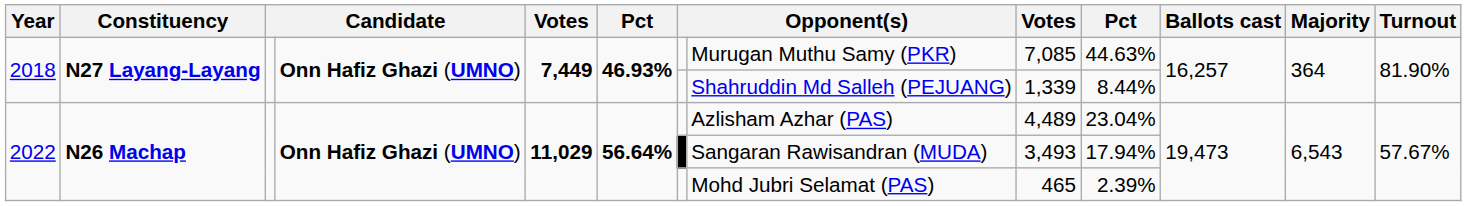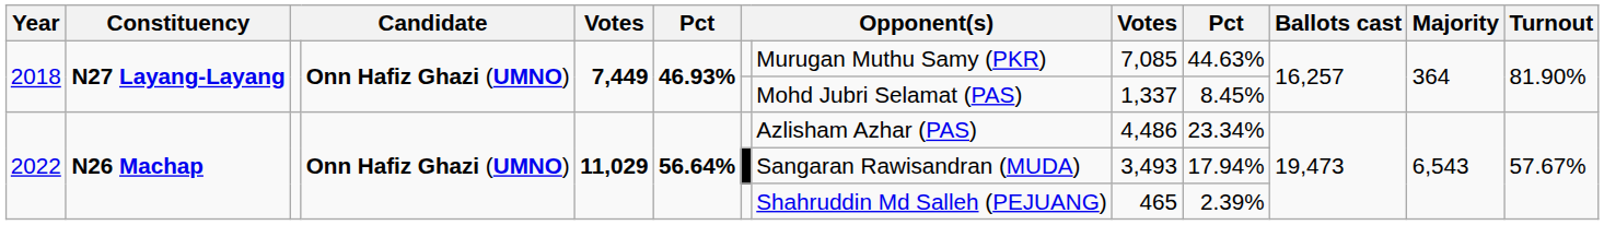 <table class="wikitable" style="margin:0.5em ; font-size:95%">
 <tr>
 <th>Year</th>
 <th>Constituency</th>
 <th colspan=2>Candidate</th>
 <th>Votes</th>
 <th>Pct</th>
 <th colspan=2>Opponent(s)</th>
 <th>Votes</th>
 <th>Pct</th>
 <th>Ballots cast</th>
 <th>Majority</th>
 <th>Turnout</th>
 </tr>
 <tr>
 <td rowspan=2><a href='#'>2018</a></td>
 <td rowspan=2><strong>N27 <a href='#'>Layang-Layang</a></strong></td>
 <td rowspan=2 ></td>
 <td rowspan=2><strong>Onn Hafiz Ghazi</strong> (<a href='#'><strong>UMNO</strong></a>)</td>
 <td rowspan=2 align="right"><strong>7,449</strong></td>
 <td rowspan=2><strong>46.93%</strong></td>
 <td></td>
 <td>Murugan Muthu Samy (<a href='#'>PKR</a>)</td>
 <td align="right">7,085</td>
 <td>44.63%</td>
 <td rowspan=2>16,257</td>
 <td rowspan=2>364</td>
 <td rowspan=2>81.90%</td>
 </tr>
 <tr>
 <td></td>
-<td><a href='#'>Shahruddin Md Salleh</a> (<a href='#'>PEJUANG</a>)</td>
-<td align="right">1,339</td>
-<td align=right>8.44%</td>
+<td>Mohd Jubri Selamat (<a href='#'>PAS</a>)</td>
+<td align="right">1,337</td>
+<td align=right>8.45%</td>
 </tr>
 <tr>
 <td rowspan=3><a href='#'>2022</a></td>
 <td rowspan=3><strong>N26 <a href='#'>Machap</a></strong></td>
 <td rowspan=3 ></td>
 <td rowspan=3><strong>Onn Hafiz Ghazi</strong> (<a href='#'><strong>UMNO</strong></a>)</td>
 <td rowspan=3 align="right"><strong>11,029</strong></td>
 <td rowspan=3><strong>56.64%</strong></td>
 <td></td>
 <td>Azlisham Azhar (<a href='#'>PAS</a>)</td>
-<td align="right">4,489</td>
-<td>23.04%</td>
+<td align="right">4,486</td>
+<td>23.34%</td>
 <td rowspan=3>19,473</td>
 <td rowspan=3>6,543</td>
 <td rowspan=3>57.67%</td>
 </tr>
 <tr>
 <td bgcolor=black></td>
 <td>Sangaran Rawisandran (<a href='#'>MUDA</a>)</td>
 <td align="right">3,493</td>
 <td>17.94%</td>
 </tr>
 <tr>
 <td></td>
-<td>Mohd Jubri Selamat (<a href='#'>PAS</a>)</td>
+<td><a href='#'>Shahruddin Md Salleh</a> (<a href='#'>PEJUANG</a>)</td>
 <td align="right">465</td>
 <td align="right">2.39%</td>
 </tr>
 </table>
